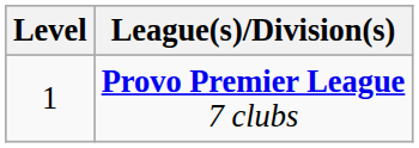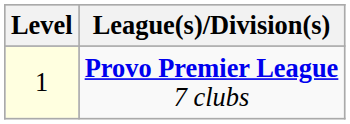 <table class="wikitable" style="text-align: center;">
 <tr>
 <th>Level</th>
 <th colspan="12">League(s)/Division(s)</th>
 </tr>
 <tr>
-<td>1</td>
+<td style="background: lightyellow;">1</td>
 <td colspan="12"><strong><a href='#'>Provo Premier League</a></strong><br><em>7 clubs</em></td>
 </tr>
 </table>
